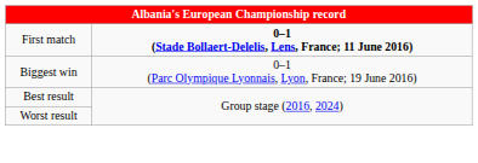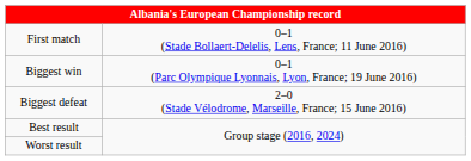 <table class="wikitable collapsible collapsed" style="width:50%;text-align:center">
 <tr>
 <th colspan="2" style="background:#FF0000;color:#FFFFFF;">Albania's European Championship record</th>
 </tr>
 <tr>
 <td>First match</td>
-<td><strong> 0–1 <br>(<a href='#'>Stade Bollaert-Delelis</a>, <a href='#'>Lens</a>, France; 11 June 2016)</strong></td>
+<td> 0–1 <br>(<a href='#'>Stade Bollaert-Delelis</a>, <a href='#'>Lens</a>, France; 11 June 2016)</td>
 </tr>
 <tr>
 <td>Biggest win</td>
 <td> 0–1 <br>(<a href='#'>Parc Olympique Lyonnais</a>, <a href='#'>Lyon</a>, France; 19 June 2016)</td>
+</tr>
+<tr>
+<td>Biggest defeat</td>
+<td> 2–0 <br>(<a href='#'>Stade Vélodrome</a>, <a href='#'>Marseille</a>, France; 15 June 2016)</td>
 </tr>
 <tr>
 <td>Best result</td>
 <td rowspan="2">Group stage (<a href='#'>2016</a>, <a href='#'>2024</a>)</td>
 </tr>
 <tr>
 <td>Worst result</td>
 </tr>
 </table>
